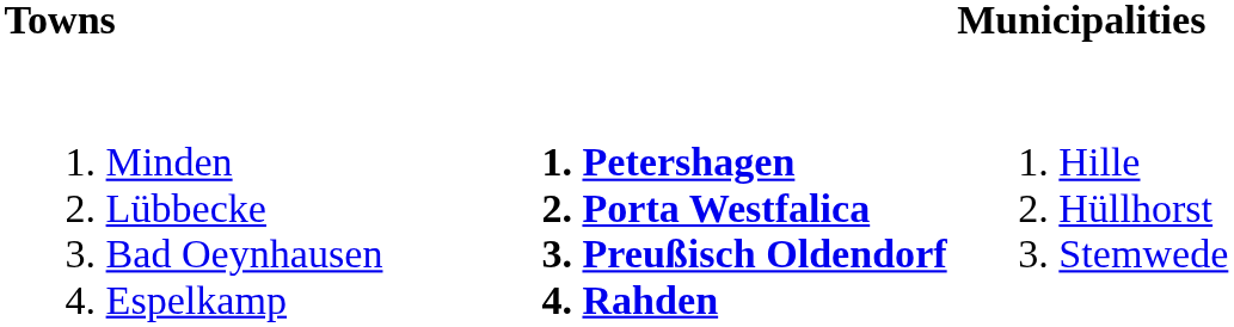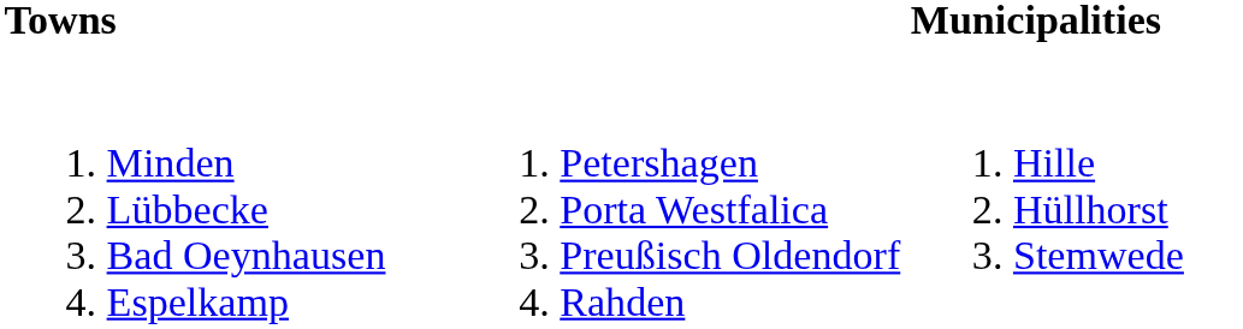 <table>
 <tr>
 <th colspan=2 align=left>Towns</th>
 <th align=left>Municipalities</th>
 </tr>
 <tr valign=top>
 <td width=33%><br><ol><li><a href='#'>Minden</a></li><li><a href='#'>Lübbecke</a></li><li><a href='#'>Bad Oeynhausen</a></li><li><a href='#'>Espelkamp</a></li></ol></td>
-<td width=33%><strong><br><ol> <li><a href='#'>Petershagen</a> <li><a href='#'>Porta Westfalica</a> <li><a href='#'>Preußisch Oldendorf</a> <li><a href='#'>Rahden</a> </ol></strong></td>
+<td width=33%><br><ol> <li><a href='#'>Petershagen</a> <li><a href='#'>Porta Westfalica</a> <li><a href='#'>Preußisch Oldendorf</a> <li><a href='#'>Rahden</a> </ol></td>
 <td width=50%><br><ol><li><a href='#'>Hille</a></li><li><a href='#'>Hüllhorst</a></li><li><a href='#'>Stemwede</a></li></ol></td>
 </tr>
 </table>
